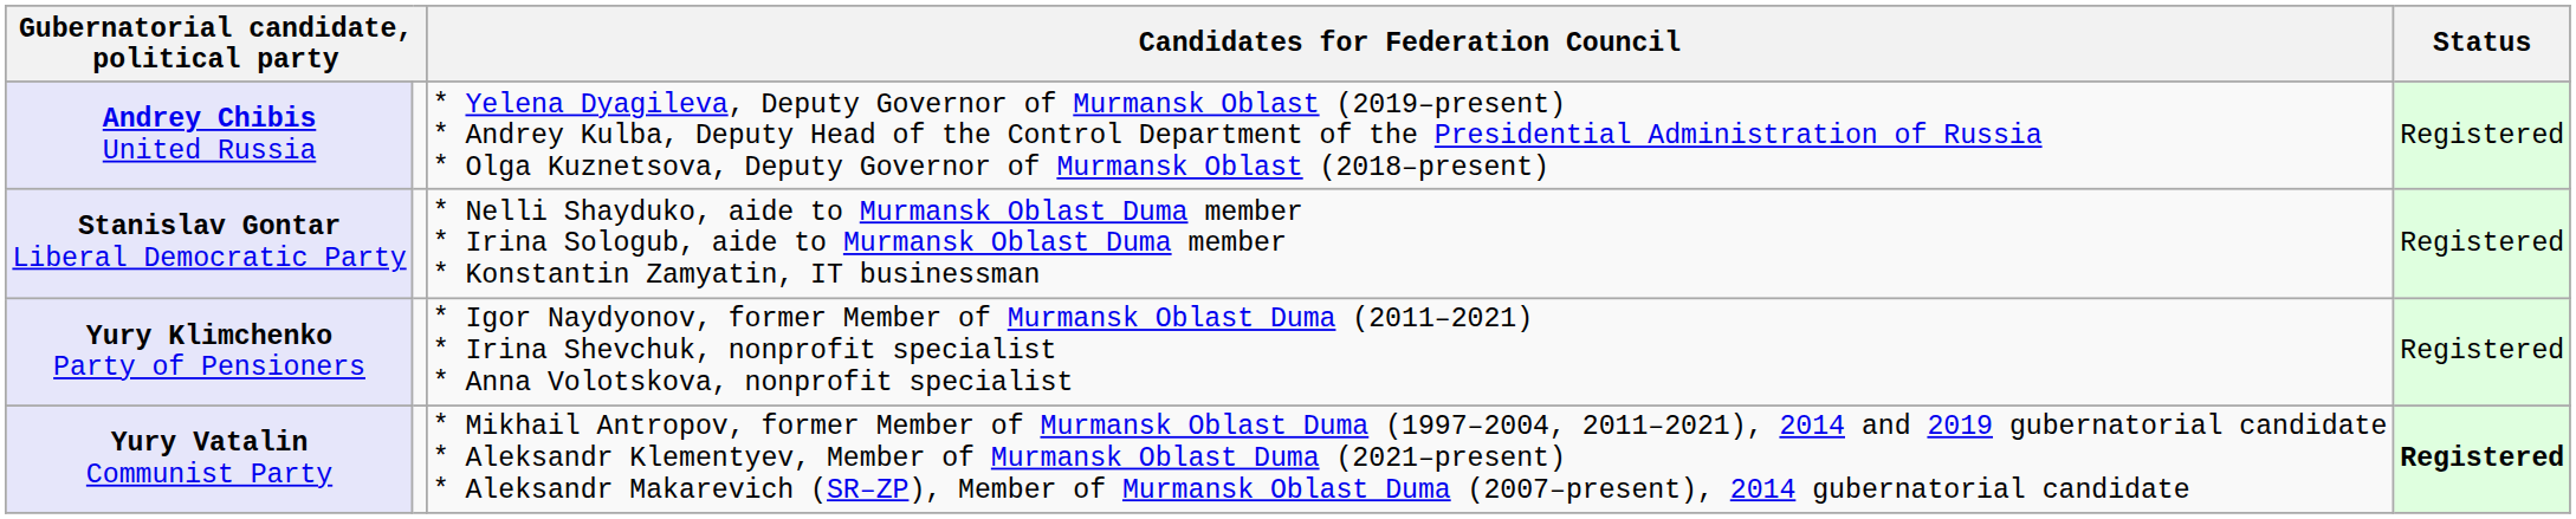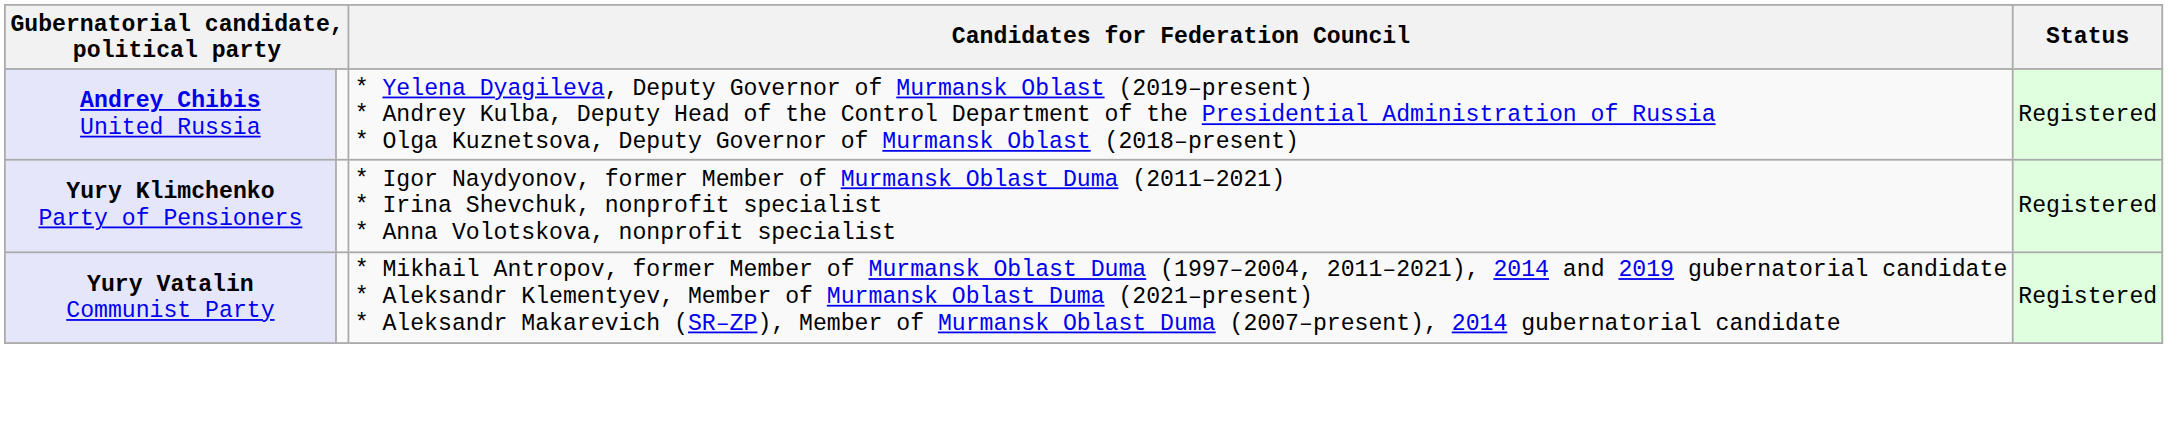 <table class="wikitable" style="text-align:center;">
 <tr>
 <th colspan="2">Gubernatorial candidate,<br>political party</th>
 <th>Candidates for Federation Council</th>
 <th>Status</th>
 </tr>
 <tr>
 <td style="background:lavender;"><strong><a href='#'>Andrey Chibis</a></strong><br><a href='#'>United Russia</a></td>
 <td style="background-color:"></td>
 <td align=left>* <a href='#'>Yelena Dyagileva</a>, Deputy Governor of <a href='#'>Murmansk Oblast</a> (2019–present)<br>* Andrey Kulba, Deputy Head of the Control Department of the <a href='#'>Presidential Administration of Russia</a><br>* Olga Kuznetsova, Deputy Governor of <a href='#'>Murmansk Oblast</a> (2018–present)</td>
 <td bgcolor="#DFFFDF">Registered</td>
 </tr>
 <tr>
-<td style="background:lavender;"><strong>Stanislav Gontar</strong><br><a href='#'>Liberal Democratic Party</a></td>
-<td style="background-color:"></td>
-<td align=left>* Nelli Shayduko, aide to <a href='#'>Murmansk Oblast Duma</a> member<br>* Irina Sologub, aide to <a href='#'>Murmansk Oblast Duma</a> member<br>* Konstantin Zamyatin, IT businessman</td>
-<td bgcolor="#DFFFDF">Registered</td>
-</tr>
-<tr>
 <td style="background:lavender;"><strong>Yury Klimchenko</strong><br><a href='#'>Party of Pensioners</a></td>
 <td style="background-color:"></td>
 <td align=left>* Igor Naydyonov, former Member of <a href='#'>Murmansk Oblast Duma</a> (2011–2021)<br>* Irina Shevchuk, nonprofit specialist<br>* Anna Volotskova, nonprofit specialist</td>
 <td bgcolor="#DFFFDF">Registered</td>
 </tr>
 <tr>
 <td style="background:lavender;"><strong>Yury Vatalin</strong><br><a href='#'>Communist Party</a></td>
 <td style="background-color:"></td>
 <td align=left>* Mikhail Antropov, former Member of <a href='#'>Murmansk Oblast Duma</a> (1997–2004, 2011–2021), <a href='#'>2014</a> and <a href='#'>2019</a> gubernatorial candidate<br>* Aleksandr Klementyev, Member of <a href='#'>Murmansk Oblast Duma</a> (2021–present)<br>* Aleksandr Makarevich (<a href='#'>SR–ZP</a>), Member of <a href='#'>Murmansk Oblast Duma</a> (2007–present), <a href='#'>2014</a> gubernatorial candidate</td>
-<td bgcolor="#DFFFDF"><strong>Registered</strong></td>
+<td bgcolor="#DFFFDF">Registered</td>
 </tr>
 </table>
